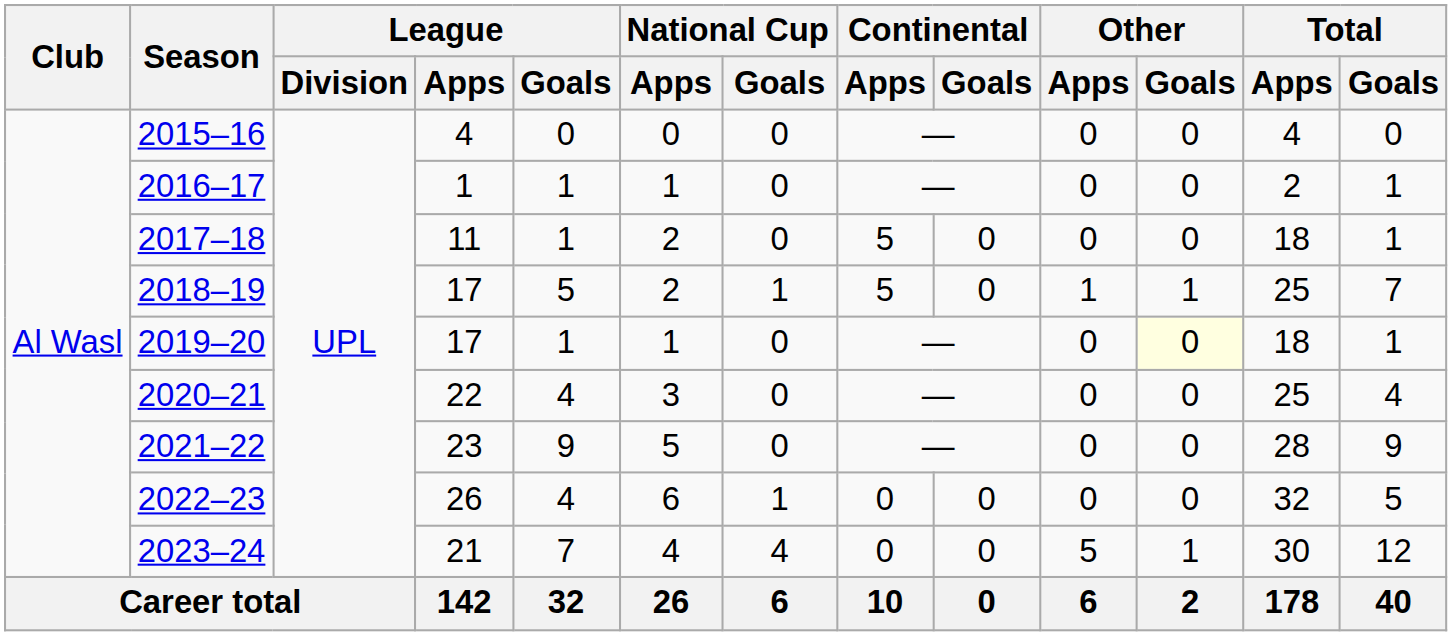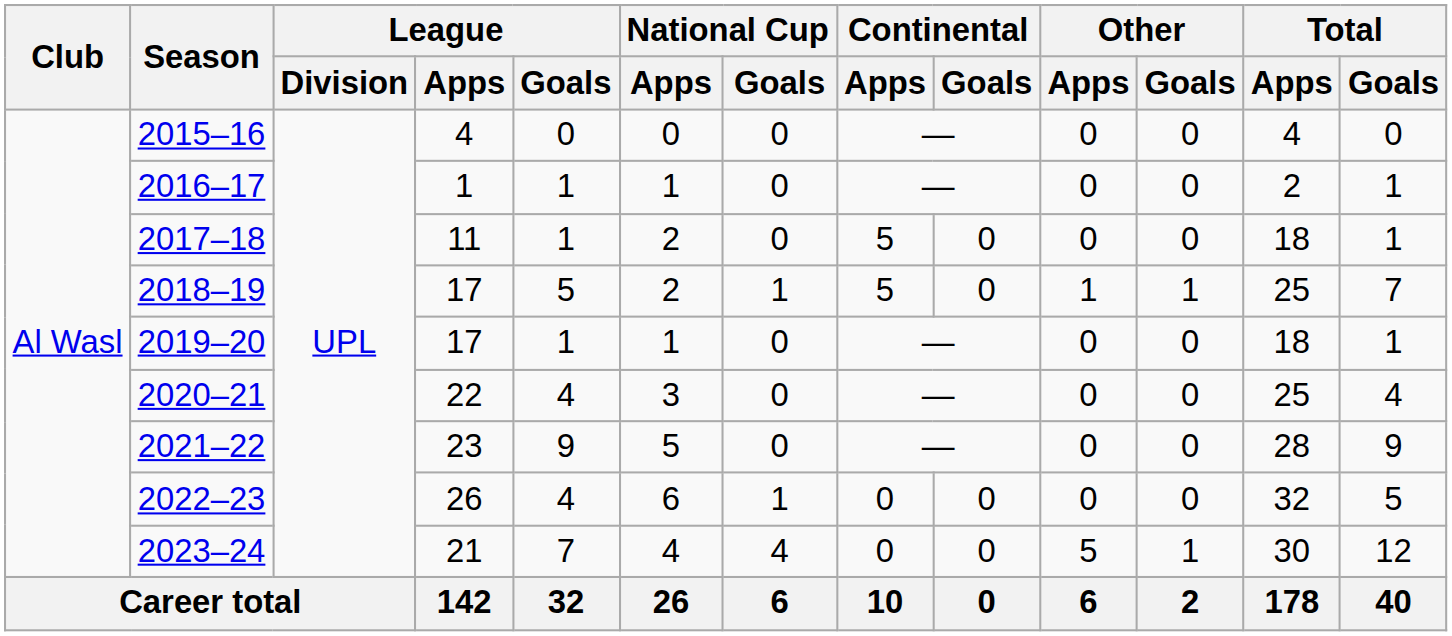 <table class="wikitable" style="text-align: center">
 <tr>
 <th rowspan="2">Club</th>
 <th rowspan="2">Season</th>
 <th colspan="3">League</th>
 <th colspan="2">National Cup</th>
 <th colspan="2">Continental</th>
 <th colspan="2">Other</th>
 <th colspan="2">Total</th>
 </tr>
 <tr>
 <th>Division</th>
 <th>Apps</th>
 <th>Goals</th>
 <th>Apps</th>
 <th>Goals</th>
 <th>Apps</th>
 <th>Goals</th>
 <th>Apps</th>
 <th>Goals</th>
 <th>Apps</th>
 <th>Goals</th>
 </tr>
 <tr>
 <td rowspan="9"><a href='#'>Al Wasl</a></td>
 <td><a href='#'>2015–16</a></td>
 <td rowspan="9"><a href='#'>UPL</a></td>
 <td>4</td>
 <td>0</td>
 <td>0</td>
 <td>0</td>
 <td colspan="2">—</td>
 <td>0</td>
 <td>0</td>
 <td>4</td>
 <td>0</td>
 </tr>
 <tr>
 <td><a href='#'>2016–17</a></td>
 <td>1</td>
 <td>1</td>
 <td>1</td>
 <td>0</td>
 <td colspan="2">—</td>
 <td>0</td>
 <td>0</td>
 <td>2</td>
 <td>1</td>
 </tr>
 <tr>
 <td><a href='#'>2017–18</a></td>
 <td>11</td>
 <td>1</td>
 <td>2</td>
 <td>0</td>
 <td>5</td>
 <td>0</td>
 <td>0</td>
 <td>0</td>
 <td>18</td>
 <td>1</td>
 </tr>
 <tr>
 <td><a href='#'>2018–19</a></td>
 <td>17</td>
 <td>5</td>
 <td>2</td>
 <td>1</td>
 <td>5</td>
 <td>0</td>
 <td>1</td>
 <td>1</td>
 <td>25</td>
 <td>7</td>
 </tr>
 <tr>
 <td><a href='#'>2019–20</a></td>
 <td>17</td>
 <td>1</td>
 <td>1</td>
 <td>0</td>
 <td colspan="2">—</td>
 <td>0</td>
-<td style="background: lightyellow;">0</td>
+<td>0</td>
 <td>18</td>
 <td>1</td>
 </tr>
 <tr>
 <td><a href='#'>2020–21</a></td>
 <td>22</td>
 <td>4</td>
 <td>3</td>
 <td>0</td>
 <td colspan="2">—</td>
 <td>0</td>
 <td>0</td>
 <td>25</td>
 <td>4</td>
 </tr>
 <tr>
 <td><a href='#'>2021–22</a></td>
 <td>23</td>
 <td>9</td>
 <td>5</td>
 <td>0</td>
 <td colspan="2">—</td>
 <td>0</td>
 <td>0</td>
 <td>28</td>
 <td>9</td>
 </tr>
 <tr>
 <td><a href='#'>2022–23</a></td>
 <td>26</td>
 <td>4</td>
 <td>6</td>
 <td>1</td>
 <td>0</td>
 <td>0</td>
 <td>0</td>
 <td>0</td>
 <td>32</td>
 <td>5</td>
 </tr>
 <tr>
 <td><a href='#'>2023–24</a></td>
 <td>21</td>
 <td>7</td>
 <td>4</td>
 <td>4</td>
 <td>0</td>
 <td>0</td>
 <td>5</td>
 <td>1</td>
 <td>30</td>
 <td>12</td>
 </tr>
 <tr>
 <th colspan="3"><strong>Career total</strong></th>
 <th>142</th>
 <th>32</th>
 <th>26</th>
 <th>6</th>
 <th>10</th>
 <th>0</th>
 <th>6</th>
 <th>2</th>
 <th>178</th>
 <th>40</th>
 </tr>
 </table>
